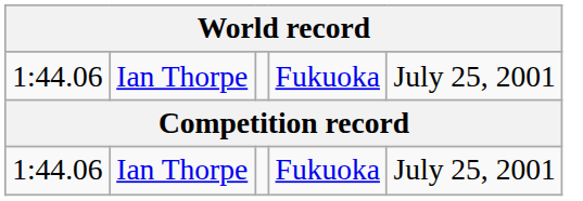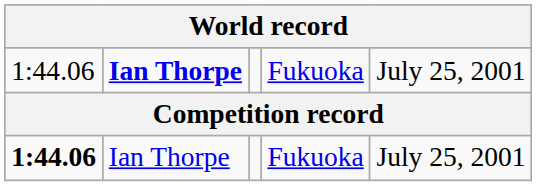 <table class="wikitable">
 <tr>
 <th colspan=5>World record</th>
 </tr>
 <tr>
 <td>1:44.06</td>
-<td><a href='#'>Ian Thorpe</a></td>
+<td><strong><a href='#'>Ian Thorpe</a></strong></td>
 <td></td>
 <td><a href='#'>Fukuoka</a> </td>
 <td>July 25, 2001</td>
 </tr>
 <tr>
 <th colspan=5>Competition record</th>
 </tr>
 <tr>
-<td>1:44.06</td>
+<td><strong>1:44.06</strong></td>
 <td><a href='#'>Ian Thorpe</a></td>
 <td></td>
 <td><a href='#'>Fukuoka</a> </td>
 <td>July 25, 2001</td>
 </tr>
 </table>
